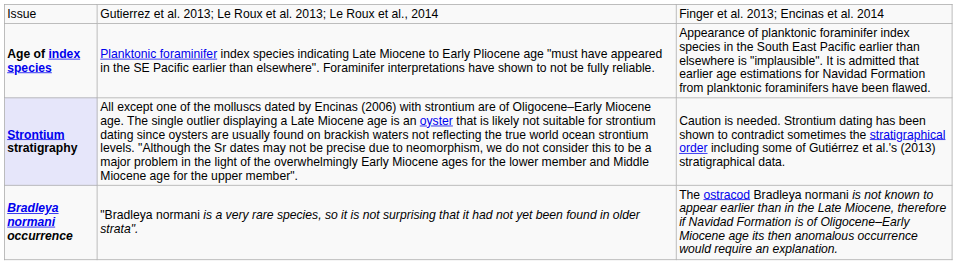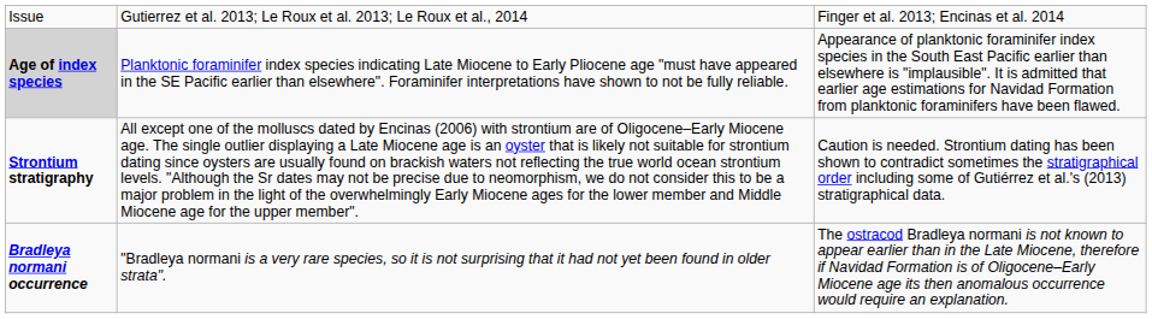 <table class="wikitable">
 <tr>
 <td rowspan=1>Issue</td>
 <td rowspan=1>Gutierrez et al. 2013; Le Roux et al. 2013; Le Roux et al., 2014</td>
 <td rowspan=1>Finger et al. 2013; Encinas et al. 2014</td>
 </tr>
 <tr>
-<td rowspan=1><strong>Age of <a href='#'>index species</a></strong></td>
+<td rowspan=1 style="background: lightgrey;"><strong>Age of <a href='#'>index species</a></strong></td>
 <td rowspan=1><a href='#'>Planktonic foraminifer</a> index species indicating Late Miocene to Early Pliocene age "must have appeared in the SE Pacific earlier than elsewhere". Foraminifer interpretations have shown to not be fully reliable.</td>
 <td rowspan=1>Appearance of planktonic foraminifer index species in the South East Pacific earlier than elsewhere is "implausible". It is admitted that earlier age estimations for Navidad Formation from planktonic foraminifers have been flawed.</td>
 </tr>
 <tr>
-<td rowspan=1 style="background: lavender;"><strong><a href='#'>Strontium</a> stratigraphy</strong></td>
+<td rowspan=1><strong><a href='#'>Strontium</a> stratigraphy</strong></td>
 <td rowspan=1>All except one of the molluscs dated by Encinas (2006) with strontium are of Oligocene–Early Miocene age. The single outlier displaying a Late Miocene age is an <a href='#'>oyster</a> that is likely not suitable for strontium dating since oysters are usually found on brackish waters not reflecting the true world ocean strontium levels. "Although the Sr dates may not be precise due to neomorphism, we do not consider this to be a major problem in the light of the overwhelmingly Early Miocene ages for the lower member and Middle Miocene age for the upper member".</td>
 <td rowspan=1>Caution is needed. Strontium dating has been shown to contradict sometimes the <a href='#'>stratigraphical order</a> including some of Gutiérrez et al.'s (2013) stratigraphical data.</td>
 </tr>
 <tr>
 <td rowspan=1><strong><em><a href='#'>Bradleya normani</a><em> occurrence<strong></td>
 <td rowspan=1>"</em>Bradleya normani<em> is a very rare species, so it is not surprising that it had not yet been found in older strata".</td>
 <td rowspan=1>The <a href='#'>ostracod</a> </em>Bradleya normani<em> is not known to appear earlier than in the Late Miocene, therefore if Navidad Formation is of Oligocene–Early Miocene age its then anomalous occurrence would require an explanation.</td>
 </tr>
 </table>
